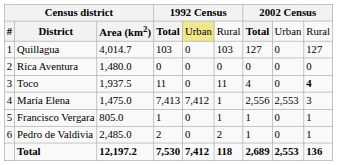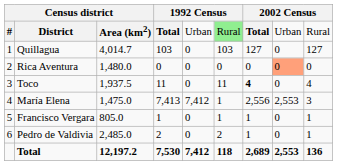 <table class="wikitable">
 <tr>
 <th colspan="3">Census district</th>
 <th colspan="3">1992 Census</th>
 <th colspan="3">2002 Census</th>
 </tr>
 <tr>
 <th>#</th>
 <th>District</th>
 <th>Area (km<sup>2</sup>)</th>
 <th>Total</th>
-<td style="background: khaki;">Urban</td>
-<td>Rural</td>
+<td>Urban</td>
+<td style="background: lightgreen;">Rural</td>
 <th>Total</th>
 <td>Urban</td>
 <td>Rural</td>
 </tr>
 <tr>
 <td>1</td>
 <td>Quillagua</td>
 <td>4,014.7</td>
 <td>103</td>
 <td>0</td>
 <td>103</td>
 <td>127</td>
 <td>0</td>
 <td>127</td>
 </tr>
 <tr>
 <td>2</td>
 <td>Rica Aventura</td>
 <td>1,480.0</td>
 <td>0</td>
 <td>0</td>
 <td>0</td>
 <td>0</td>
-<td>0</td>
+<td style="background: lightsalmon;">0</td>
 <td>0</td>
 </tr>
 <tr>
 <td>3</td>
 <td>Toco</td>
 <td>1,937.5</td>
 <td>11</td>
 <td>0</td>
 <td>11</td>
+<td><strong>4</strong></td>
+<td>0</td>
 <td>4</td>
-<td>0</td>
-<td><strong>4</strong></td>
 </tr>
 <tr>
 <td>4</td>
 <td>María Elena</td>
 <td>1,475.0</td>
 <td>7,413</td>
 <td>7,412</td>
 <td>1</td>
 <td>2,556</td>
 <td>2,553</td>
 <td>3</td>
 </tr>
 <tr>
 <td>5</td>
 <td>Francisco Vergara</td>
 <td>805.0</td>
 <td>1</td>
 <td>0</td>
 <td>1</td>
 <td>1</td>
 <td>0</td>
 <td>1</td>
 </tr>
 <tr>
 <td>6</td>
 <td>Pedro de Valdivia</td>
 <td>2,485.0</td>
 <td>2</td>
 <td>0</td>
 <td>2</td>
 <td>1</td>
 <td>0</td>
 <td>1</td>
 </tr>
 <tr>
 <td></td>
 <td><strong>Total</strong></td>
 <td><strong>12,197.2</strong></td>
 <td><strong>7,530</strong></td>
 <td><strong>7,412</strong></td>
 <td><strong>118</strong></td>
 <td><strong>2,689</strong></td>
 <td><strong>2,553</strong></td>
 <td><strong>136</strong></td>
 </tr>
 </table>
